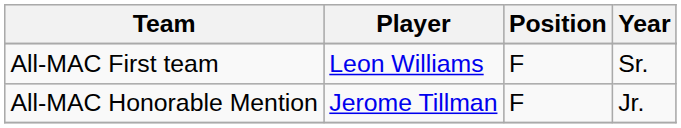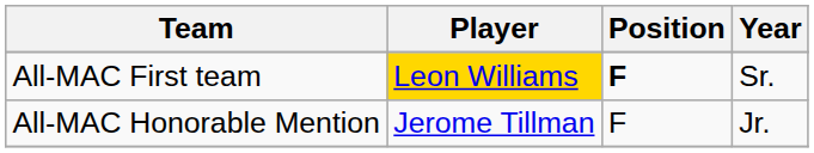 <table class="wikitable" border="1">
 <tr align=center>
 <th style= >Team</th>
 <th style= >Player</th>
 <th style= >Position</th>
 <th style= >Year</th>
 </tr>
 <tr align="center">
 </tr>
 <tr>
 <td>All-MAC First team</td>
-<td><a href='#'>Leon Williams</a></td>
-<td>F</td>
+<td style="background: gold;"><a href='#'>Leon Williams</a></td>
+<td><strong>F</strong></td>
 <td>Sr.</td>
 </tr>
 <tr>
 <td>All-MAC Honorable Mention</td>
 <td><a href='#'>Jerome Tillman</a></td>
 <td>F</td>
 <td>Jr.</td>
 </tr>
 <tr>
 </tr>
 </table>
